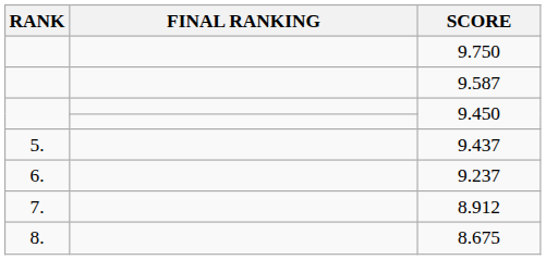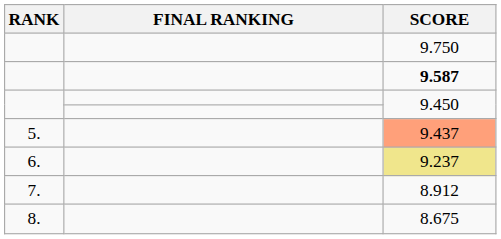 <table class="wikitable" style="font-size:95%;">
 <tr>
 <th>RANK</th>
 <th align="left" style="width: 18em">FINAL RANKING</th>
 <th align="center" style="width: 6em">SCORE</th>
 </tr>
 <tr>
 <td align="center"></td>
 <td></td>
 <td align="center">9.750</td>
 </tr>
 <tr>
 <td align="center"></td>
 <td></td>
-<td align="center">9.587</td>
+<td align="center"><strong>9.587</strong></td>
 </tr>
 <tr>
 <td rowspan=2 align="center"></td>
 <td></td>
 <td rowspan=2 align="center">9.450</td>
 </tr>
 <tr>
 <td></td>
 </tr>
 <tr>
 <td align="center">5.</td>
 <td></td>
-<td align="center">9.437</td>
+<td align="center" style="background: lightsalmon;">9.437</td>
 </tr>
 <tr>
 <td align="center">6.</td>
 <td></td>
-<td align="center">9.237</td>
+<td align="center" style="background: khaki;">9.237</td>
 </tr>
 <tr>
 <td align="center">7.</td>
 <td></td>
 <td align="center">8.912</td>
 </tr>
 <tr>
 <td align="center">8.</td>
 <td></td>
 <td align="center">8.675</td>
 </tr>
 </table>
